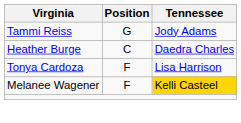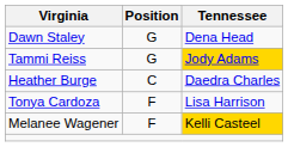 <table class="wikitable">
 <tr>
 <th>Virginia</th>
 <th>Position</th>
 <th>Tennessee</th>
 </tr>
 <tr>
+<td><a href='#'>Dawn Staley</a></td>
+<td style="text-align:center">G</td>
+<td><a href='#'>Dena Head</a></td>
+</tr>
+<tr>
 <td><a href='#'>Tammi Reiss</a></td>
 <td style="text-align:center">G</td>
-<td><a href='#'>Jody Adams</a></td>
+<td style="background: gold;"><a href='#'>Jody Adams</a></td>
 </tr>
 <tr>
 <td><a href='#'>Heather Burge</a></td>
 <td style="text-align:center">C</td>
 <td><a href='#'>Daedra Charles</a></td>
 </tr>
 <tr>
 <td><a href='#'>Tonya Cardoza</a></td>
 <td style="text-align:center">F</td>
 <td><a href='#'>Lisa Harrison</a></td>
 </tr>
 <tr>
 <td>Melanee Wagener</td>
 <td style="text-align:center">F</td>
 <td style="background: gold;">Kelli Casteel</td>
 </tr>
 <tr>
 <td style="text-align:center" colspan=3></td>
 </tr>
 </table>
